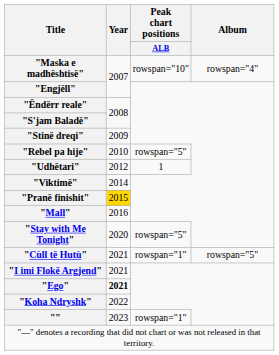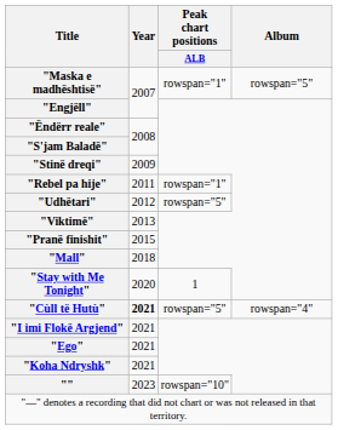 <table class="wikitable plainrowheaders" style="text-align:center;">
 <tr>
 <th scope="col" rowspan="2" style="width:10em;">Title</th>
 <th scope="col" rowspan="2" style="width:2em;">Year</th>
 <th scope="col" colspan="1">Peak<br>chart<br>positions</th>
 <th scope="col" rowspan="2" style="width:8em;">Album</th>
 </tr>
 <tr>
 <th scope="col" style="width:3em;font-size:85%;"><a href='#'>ALB</a><br></th>
 </tr>
 <tr>
 <th scope="row">"Maska e madhështisë"</th>
 <td rowspan="2">2007</td>
-<td>rowspan="10" </td>
-<td>rowspan="4" </td>
+<td>rowspan="1" </td>
+<td>rowspan="5" </td>
 </tr>
 <tr>
 <th scope="row">"Engjëll"</th>
 </tr>
 <tr>
 <th scope="row">"Ëndërr reale"<br></th>
 <td rowspan="2">2008</td>
 </tr>
 <tr>
 <th scope="row">"S'jam Baladë"<br></th>
 </tr>
 <tr>
 <th scope="row">"Stinë dreqi"</th>
 <td>2009</td>
 </tr>
 <tr>
 <th scope="row">"Rebel pa hije"</th>
-<td>2010</td>
-<td>rowspan="5" </td>
+<td>2011</td>
+<td>rowspan="1" </td>
 </tr>
 <tr>
 <th scope="row">"Udhëtari"</th>
 <td>2012</td>
-<td>1</td>
+<td>rowspan="5" </td>
 </tr>
 <tr>
 <th scope="row">"Viktimë"</th>
-<td>2014</td>
+<td>2013</td>
 </tr>
 <tr>
 <th scope="row">"Pranë finishit"</th>
-<td style="background: gold;">2015</td>
+<td>2015</td>
 </tr>
 <tr>
 <th scope="row">"<a href='#'>Mall</a>"</th>
-<td>2016</td>
+<td>2018</td>
 </tr>
 <tr>
 <th scope="row">"<a href='#'>Stay with Me Tonight</a>"</th>
 <td>2020</td>
-<td>rowspan="5" </td>
+<td>1</td>
 </tr>
 <tr>
 <th scope="row">"<a href='#'>Cùll të Hutù</a>"</th>
-<td>2021</td>
-<td>rowspan="1" </td>
+<td><strong>2021</strong></td>
 <td>rowspan="5" </td>
+<td>rowspan="4" </td>
 </tr>
 <tr>
 <th scope="row">"<a href='#'>I imi Flokë Argjend</a>"</th>
 <td>2021</td>
 </tr>
 <tr>
 <th scope="row">"<a href='#'>Ego</a>"  </th>
-<td><strong>2021</strong></td>
+<td>2021</td>
 </tr>
 <tr>
 <th scope="row">"<a href='#'>Koha Ndryshk</a>"</th>
-<td>2022</td>
+<td>2021</td>
 </tr>
 <tr>
 <th scope="row">"" </th>
 <td>2023</td>
-<td>rowspan="1" </td>
+<td>rowspan="10" </td>
 </tr>
 <tr>
 <td colspan="11" style="font-size:90%">"—" denotes a recording that did not chart or was not released in that territory.</td>
 </tr>
 </table>
